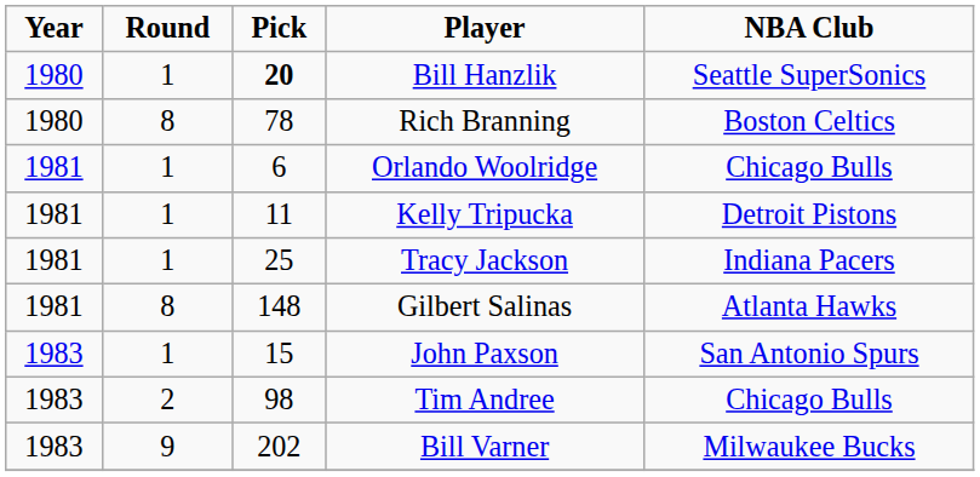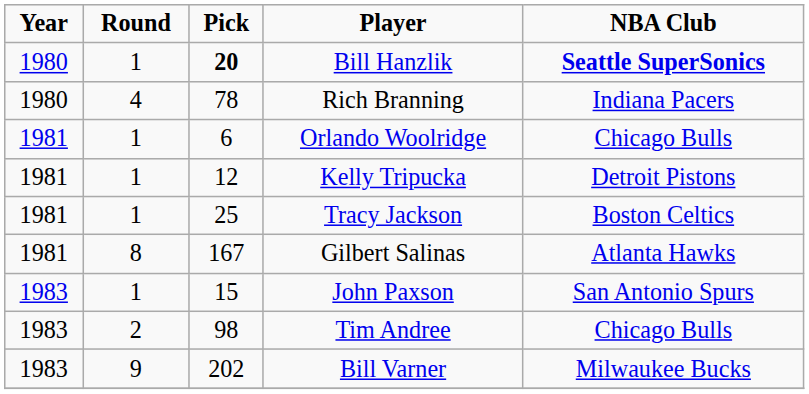 <table class="wikitable" width="60%">
 <tr align="center"  style=>
 <td><strong>Year</strong></td>
 <td><strong>Round</strong></td>
 <td><strong>Pick</strong></td>
 <td><strong>Player</strong></td>
 <td><strong>NBA Club</strong></td>
 </tr>
 <tr align="center" bgcolor="">
 <td><a href='#'>1980</a></td>
 <td>1</td>
 <td><strong>20</strong></td>
 <td><a href='#'>Bill Hanzlik</a></td>
-<td><a href='#'>Seattle SuperSonics</a></td>
+<td><strong><a href='#'>Seattle SuperSonics</a></strong></td>
 </tr>
 <tr align="center" bgcolor="">
 <td>1980</td>
-<td>8</td>
+<td>4</td>
 <td>78</td>
 <td>Rich Branning</td>
-<td><a href='#'>Boston Celtics</a></td>
+<td><a href='#'>Indiana Pacers</a></td>
 </tr>
 <tr align="center" bgcolor="">
 <td><a href='#'>1981</a></td>
 <td>1</td>
 <td>6</td>
 <td><a href='#'>Orlando Woolridge</a></td>
 <td><a href='#'>Chicago Bulls</a></td>
 </tr>
 <tr align="center" bgcolor="">
 <td>1981</td>
 <td>1</td>
-<td>11</td>
+<td>12</td>
 <td><a href='#'>Kelly Tripucka</a></td>
 <td><a href='#'>Detroit Pistons</a></td>
 </tr>
 <tr align="center" bgcolor="">
 <td>1981</td>
 <td>1</td>
 <td>25</td>
 <td><a href='#'>Tracy Jackson</a></td>
-<td><a href='#'>Indiana Pacers</a></td>
+<td><a href='#'>Boston Celtics</a></td>
 </tr>
 <tr align="center" bgcolor="">
 <td>1981</td>
 <td>8</td>
-<td>148</td>
+<td>167</td>
 <td>Gilbert Salinas</td>
 <td><a href='#'>Atlanta Hawks</a></td>
 </tr>
 <tr align="center" bgcolor="">
 <td><a href='#'>1983</a></td>
 <td>1</td>
 <td>15</td>
 <td><a href='#'>John Paxson</a></td>
 <td><a href='#'>San Antonio Spurs</a></td>
 </tr>
 <tr align="center" bgcolor="">
 <td>1983</td>
 <td>2</td>
 <td>98</td>
 <td><a href='#'>Tim Andree</a></td>
 <td><a href='#'>Chicago Bulls</a></td>
 </tr>
 <tr align="center" bgcolor="">
 <td>1983</td>
 <td>9</td>
 <td>202</td>
 <td><a href='#'>Bill Varner</a></td>
 <td><a href='#'>Milwaukee Bucks</a></td>
 </tr>
 <tr align="center" bgcolor="">
 </tr>
 </table>
